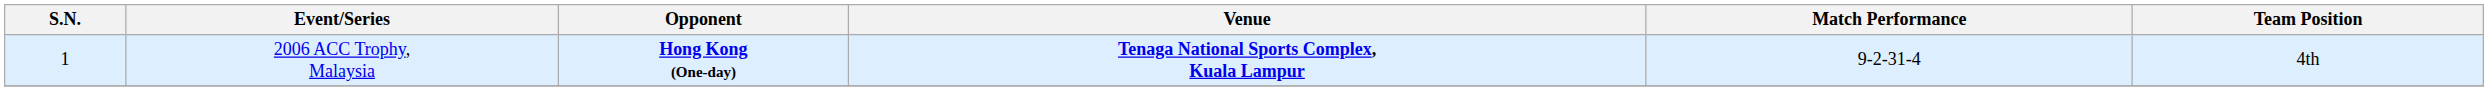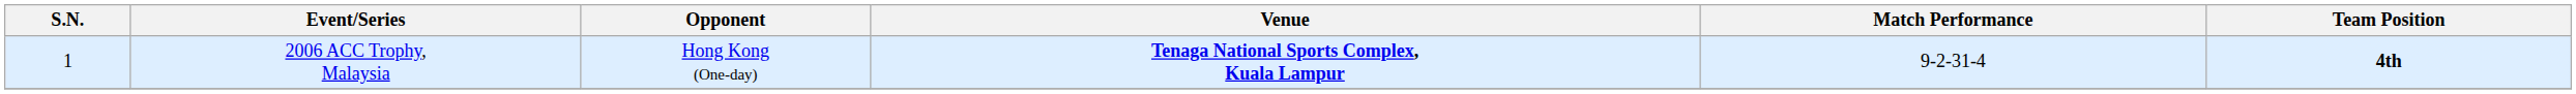 <table class="wikitable sortable" style="font-size:90%; width: 100%; text-align: center;">
 <tr>
 <th>S.N.</th>
 <th>Event/Series</th>
 <th>Opponent</th>
 <th>Venue</th>
 <th>Match Performance</th>
 <th>Team Position</th>
 </tr>
 <tr style="background:#ddeeff">
 <td>1</td>
 <td><a href='#'>2006 ACC Trophy</a>,<br><a href='#'>Malaysia</a></td>
-<td><strong> <a href='#'>Hong Kong</a><br><small>(One-day)</small></strong></td>
+<td> <a href='#'>Hong Kong</a><br><small>(One-day)</small></td>
 <td><strong><a href='#'>Tenaga National Sports Complex</a>,<br><a href='#'>Kuala Lampur</a></strong></td>
 <td>9-2-31-4<br></td>
-<td>4th</td>
+<td><strong>4th</strong></td>
 </tr>
 <tr>
 </tr>
 </table>
